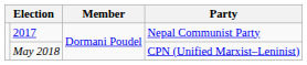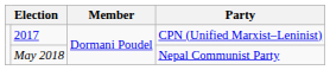 <table class="wikitable">
 <tr>
 <th colspan="2">Election</th>
 <th>Member</th>
 <th>Party</th>
 </tr>
 <tr>
 <td rowspan="2" style="background-color:"></td>
 <td><a href='#'>2017</a></td>
 <td rowspan="2"><a href='#'>Dormani Poudel</a></td>
-<td><a href='#'>Nepal Communist Party</a></td>
+<td><a href='#'>CPN (Unified Marxist–Leninist)</a></td>
 </tr>
 <tr>
 <td><em>May 2018</em></td>
-<td><a href='#'>CPN (Unified Marxist–Leninist)</a></td>
+<td><a href='#'>Nepal Communist Party</a></td>
 </tr>
 </table>
